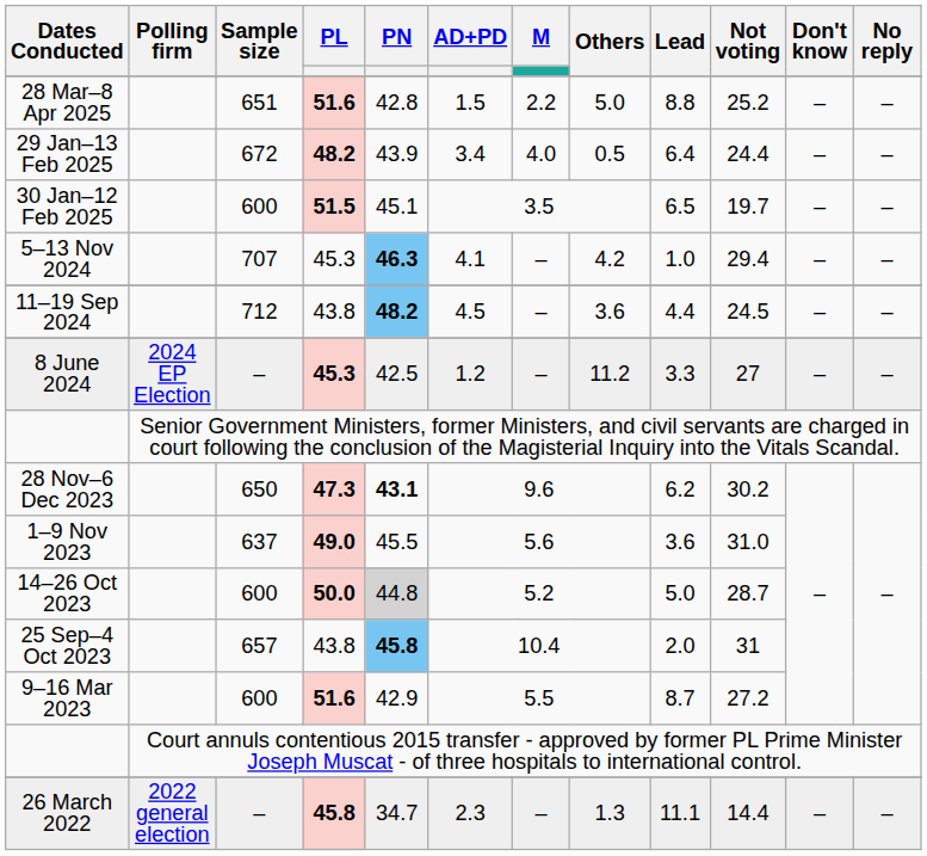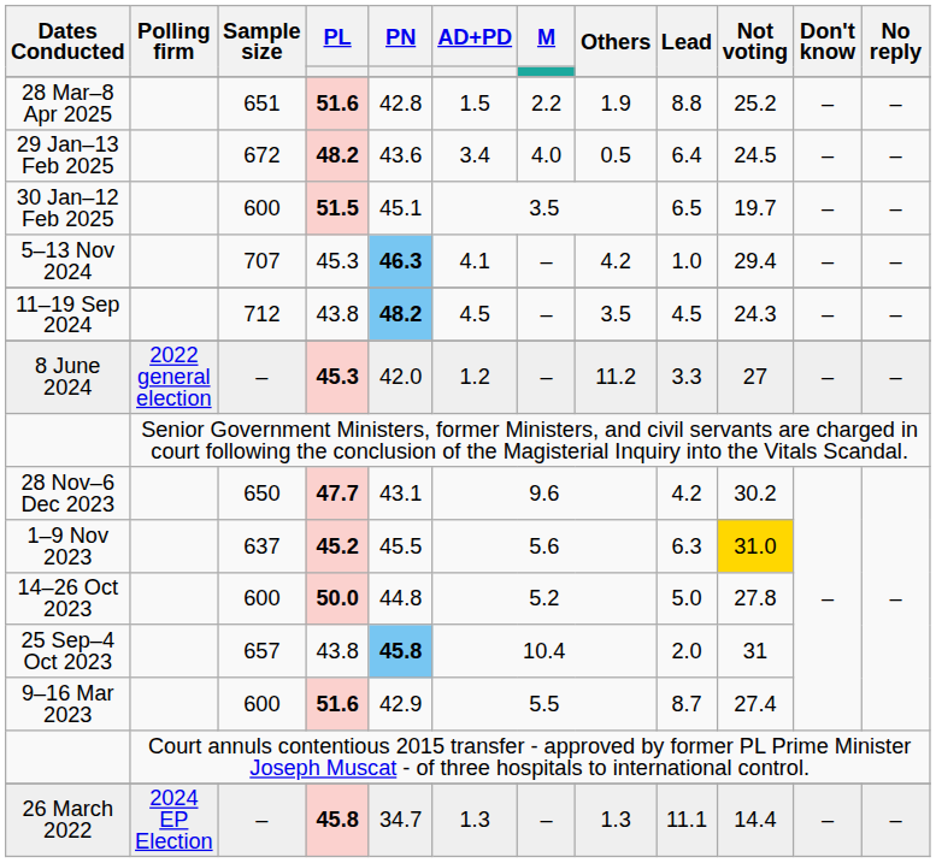 <table class="wikitable sortable" style="text-align:center;font-size:90%;line-height:14px;">
 <tr style="height:40px;">
 <th rowspan="2">Dates Conducted</th>
 <th rowspan="2">Polling firm</th>
 <th style="width:35px;" rowspan="2">Sample<br>size</th>
 <th class="unsortable" style="width:40px;"><a href='#'>PL</a></th>
 <th class="unsortable" style="width:40px;"><a href='#'>PN</a></th>
 <th class="unsortable" style="width:40px;"><a href='#'>AD+PD</a></th>
 <th class="unsortable" style="width:40px;"><a href='#'>M</a></th>
 <th class="unsortable" style="width:40px;" rowspan="2">Others</th>
 <th style="width:30px;" rowspan="2">Lead</th>
 <th class="unsortable" style="width:40px;" rowspan="2">Not<br>voting</th>
 <th class="unsortable" style="width:40px;" rowspan="2">Don't<br>know</th>
 <th class="unsortable" style="width:40px;" rowspan="2">No<br>reply</th>
 </tr>
 <tr>
 <th style="background:"></th>
 <th style="background:"></th>
 <th style="background:"></th>
 <th style="background:#1BA99E;"></th>
 </tr>
 <tr>
 </tr>
 <tr>
 <td data-sort-value="2025-04-29">28 Mar–8 Apr 2025</td>
 <td></td>
 <td>651</td>
 <td style="background:#FBD1CE;"><strong>51.6</strong></td>
 <td>42.8</td>
 <td>1.5</td>
 <td>2.2</td>
-<td>5.0</td>
+<td>1.9</td>
 <td style="background:"><span>8.8</span></td>
 <td>25.2</td>
 <td>–</td>
 <td>–</td>
 </tr>
 <tr>
 <td data-sort-value="2025-02-13">29 Jan–13 Feb 2025</td>
 <td></td>
 <td>672</td>
 <td style="background:#FBD1CE;"><strong>48.2</strong></td>
-<td>43.9</td>
+<td>43.6</td>
 <td>3.4</td>
 <td>4.0</td>
 <td>0.5</td>
 <td style="background:"><span>6.4</span></td>
-<td>24.4</td>
+<td>24.5</td>
 <td>–</td>
 <td>–</td>
 </tr>
 <tr>
 <td data-sort-value="2025-02-12">30 Jan–12 Feb 2025</td>
 <td></td>
 <td>600</td>
 <td style="background:#FBD1CE;"><strong>51.5</strong></td>
 <td>45.1</td>
 <td colspan="3">3.5</td>
 <td style="background:"><span>6.5</span></td>
 <td>19.7</td>
 <td>–</td>
 <td>–</td>
 </tr>
 <tr>
 <td data-sort-value="2024-11-17">5–13 Nov 2024</td>
 <td></td>
 <td>707</td>
 <td>45.3</td>
 <td style="background:#77c6f2;"><strong>46.3</strong></td>
 <td>4.1</td>
 <td>–</td>
 <td>4.2</td>
 <td style="background:"><span>1.0</span></td>
 <td>29.4</td>
 <td>–</td>
 <td>–</td>
 </tr>
 <tr>
 </tr>
 <tr>
 <td data-sort-value="2024-09-19">11–19 Sep 2024</td>
 <td></td>
 <td>712</td>
 <td>43.8</td>
 <td style="background:#77c6f2;"><strong>48.2</strong></td>
 <td>4.5</td>
 <td>–</td>
-<td>3.6</td>
-<td style="background:"><span>4.4</span></td>
-<td>24.5</td>
+<td>3.5</td>
+<td style="background:"><span>4.5</span></td>
+<td>24.3</td>
 <td>–</td>
 <td>–</td>
 </tr>
 <tr>
 </tr>
 <tr style="background:#EFEFEF">
 <td data-sort-value="2024-06-08">8 June 2024</td>
-<td><a href='#'>2024 EP Election</a></td>
+<td><a href='#'>2022 general election</a></td>
 <td>–</td>
 <td style="background:#FBD1CE;"><strong>45.3</strong></td>
-<td>42.5</td>
+<td>42.0</td>
 <td>1.2</td>
 <td>–</td>
 <td>11.2</td>
 <td style="background:"><span>3.3</span></td>
 <td>27</td>
 <td>–</td>
 <td>–</td>
 </tr>
 <tr>
 <td></td>
 <td colspan="12">Senior Government Ministers, former Ministers, and civil servants are charged in court following the conclusion of the Magisterial Inquiry into the Vitals Scandal.</td>
 </tr>
 <tr>
 <td data-sort-value="2023-12-06">28 Nov–6 Dec 2023</td>
 <td></td>
 <td>650</td>
-<td style="background:#FBD1CE;"><strong>47.3</strong></td>
-<td><strong>43.1</strong></td>
+<td style="background:#FBD1CE;"><strong>47.7</strong></td>
+<td>43.1</td>
 <td colspan="3">9.6</td>
-<td style="background:"><span>6.2</span></td>
+<td style="background:"><span>4.2</span></td>
 <td>30.2</td>
 <td rowspan="5">–</td>
 <td rowspan="5">–</td>
 </tr>
 <tr>
 <td data-sort-value="2023-11-09">1–9 Nov 2023</td>
 <td></td>
 <td>637</td>
-<td style="background:#FBD1CE;"><strong>49.0</strong></td>
+<td style="background:#FBD1CE;"><strong>45.2</strong></td>
 <td>45.5</td>
 <td colspan="3">5.6</td>
-<td style="background:"><span>3.6</span></td>
-<td>31.0</td>
+<td style="background:"><span>6.3</span></td>
+<td style="background: gold;">31.0</td>
 </tr>
 <tr>
 <td data-sort-value="2023-10-26">14–26 Oct 2023</td>
 <td></td>
 <td>600</td>
 <td style="background:#FBD1CE;"><strong>50.0</strong></td>
-<td style="background: lightgrey;">44.8</td>
+<td>44.8</td>
 <td colspan="3">5.2</td>
 <td style="background:"><span>5.0</span></td>
-<td>28.7</td>
+<td>27.8</td>
 </tr>
 <tr>
 <td data-sort-value="2023-10-04">25 Sep–4 Oct 2023</td>
 <td></td>
 <td>657</td>
 <td>43.8</td>
 <td style="background:#77c6f2;"><strong>45.8</strong></td>
 <td colspan="3">10.4</td>
 <td style="background:"><span>2.0</span></td>
 <td>31</td>
 </tr>
 <tr>
 <td data-sort-value="2022-03-16">9–16 Mar 2023</td>
 <td></td>
 <td>600</td>
 <td style="background:#FBD1CE;"><strong>51.6</strong></td>
 <td>42.9</td>
 <td colspan="3">5.5</td>
 <td style="background:"><span>8.7</span></td>
-<td>27.2</td>
+<td>27.4</td>
 </tr>
 <tr>
 <td></td>
 <td colspan="12">Court annuls contentious 2015 transfer - approved by former PL Prime Minister <a href='#'>Joseph Muscat</a> - of three hospitals to international control.</td>
 </tr>
 <tr>
 </tr>
 <tr style="background:#EFEFEF">
 <td data-sort-value="2022-03-26">26 March 2022</td>
-<td><a href='#'>2022 general election</a></td>
+<td><a href='#'>2024 EP Election</a></td>
 <td>–</td>
 <td style="background:#FBD1CE;"><strong>45.8</strong></td>
 <td>34.7</td>
-<td>2.3</td>
+<td>1.3</td>
 <td>–</td>
 <td>1.3</td>
 <td style="background:"><span>11.1</span></td>
 <td>14.4</td>
 <td>–</td>
 <td>–</td>
 </tr>
 </table>
